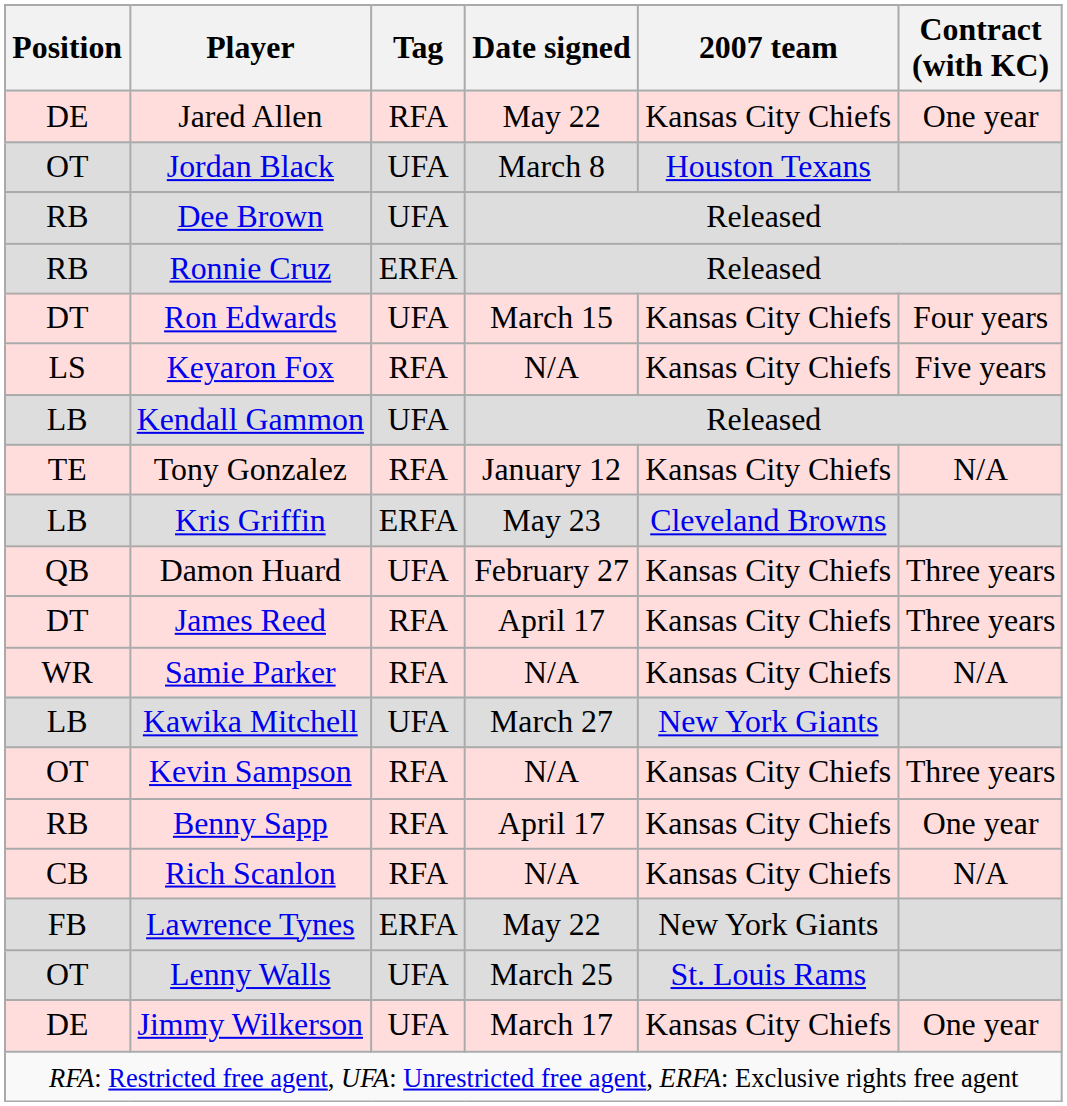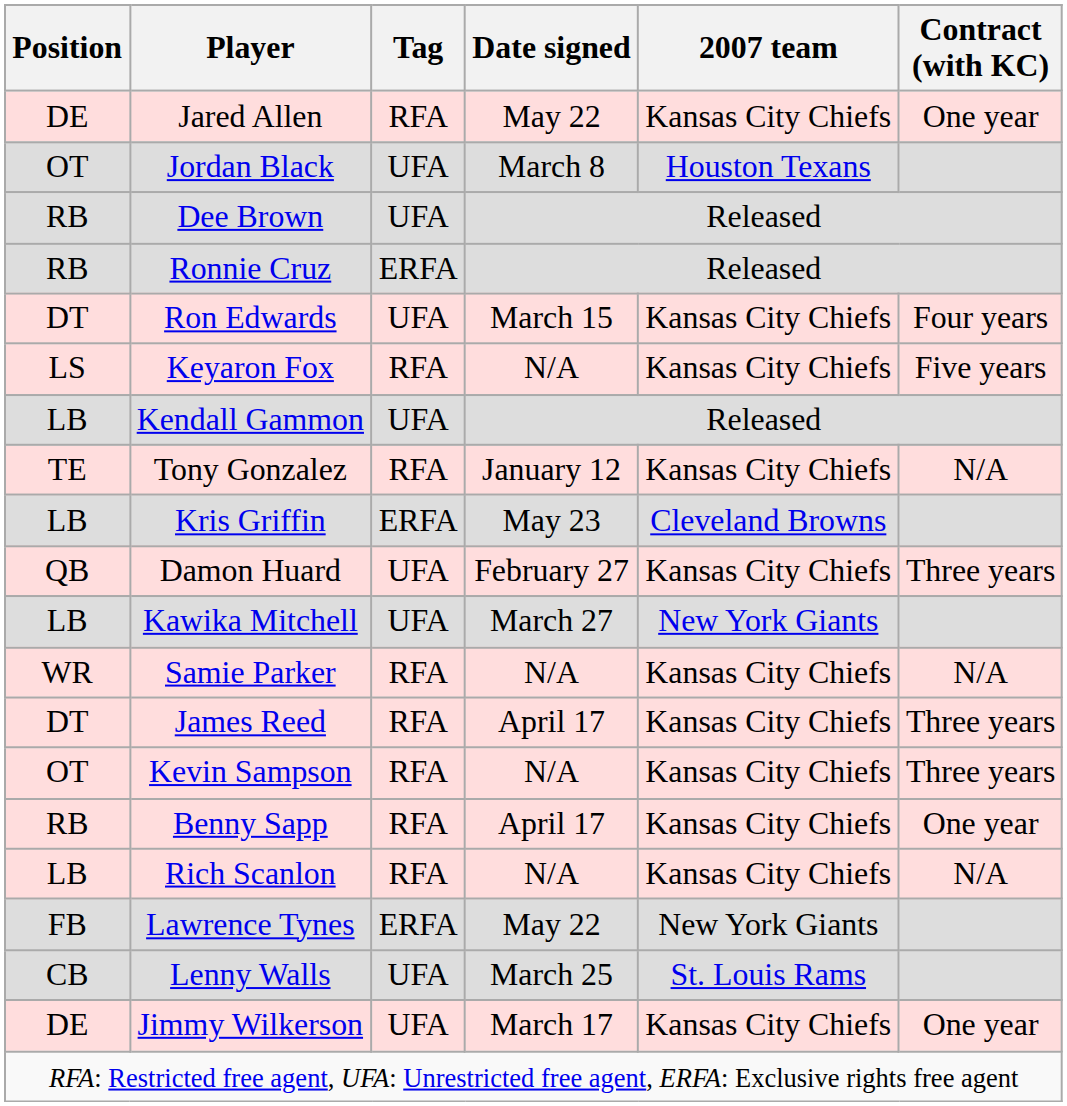 <table class="wikitable">
 <tr>
 <th>Position</th>
 <th>Player</th>
 <th>Tag</th>
 <th>Date signed</th>
 <th>2007 team</th>
 <th>Contract<br>(with KC)</th>
 </tr>
 <tr style="background: #ffdddd;" align="center">
 <td>DE</td>
 <td>Jared Allen</td>
 <td>RFA</td>
 <td>May 22</td>
 <td>Kansas City Chiefs</td>
 <td>One year</td>
 </tr>
 <tr style="background: #dddddd;" align="center">
 <td>OT</td>
 <td><a href='#'>Jordan Black</a></td>
 <td>UFA</td>
 <td>March 8</td>
 <td><a href='#'>Houston Texans</a></td>
 <td></td>
 </tr>
 <tr style="background: #dddddd;" align="center">
 <td>RB</td>
 <td><a href='#'>Dee Brown</a></td>
 <td>UFA</td>
 <td colspan="3">Released</td>
 </tr>
 <tr style="background: #dddddd;" align="center">
 <td>RB</td>
 <td><a href='#'>Ronnie Cruz</a></td>
 <td>ERFA</td>
 <td colspan="3">Released</td>
 </tr>
 <tr style="background: #ffdddd;" align="center">
 <td>DT</td>
 <td><a href='#'>Ron Edwards</a></td>
 <td>UFA</td>
 <td>March 15</td>
 <td>Kansas City Chiefs</td>
 <td>Four years</td>
 </tr>
 <tr style="background: #ffdddd;" align="center">
 <td>LS</td>
 <td><a href='#'>Keyaron Fox</a></td>
 <td>RFA</td>
 <td>N/A</td>
 <td>Kansas City Chiefs</td>
 <td>Five years</td>
 </tr>
 <tr style="background: #dddddd;" align="center">
 <td>LB</td>
 <td><a href='#'>Kendall Gammon</a></td>
 <td>UFA</td>
 <td colspan="3">Released</td>
 </tr>
 <tr style="background: #ffdddd;" align="center">
 <td>TE</td>
 <td>Tony Gonzalez</td>
 <td>RFA</td>
 <td>January 12</td>
 <td>Kansas City Chiefs</td>
 <td>N/A</td>
 </tr>
 <tr style="background: #dddddd;" align="center">
 <td>LB</td>
 <td><a href='#'>Kris Griffin</a></td>
 <td>ERFA</td>
 <td>May 23</td>
 <td><a href='#'>Cleveland Browns</a></td>
 <td></td>
 </tr>
 <tr style="background: #ffdddd;" align="center">
 <td>QB</td>
 <td>Damon Huard</td>
 <td>UFA</td>
 <td>February 27</td>
 <td>Kansas City Chiefs</td>
 <td>Three years</td>
 </tr>
-<tr style="background: #ffdddd;" align="center">
-<td>DT</td>
-<td><a href='#'>James Reed</a></td>
-<td>RFA</td>
-<td>April 17</td>
-<td>Kansas City Chiefs</td>
-<td>Three years</td>
+<tr style="background: #dddddd;" align="center">
+<td>LB</td>
+<td><a href='#'>Kawika Mitchell</a></td>
+<td>UFA</td>
+<td>March 27</td>
+<td><a href='#'>New York Giants</a></td>
+<td></td>
 </tr>
 <tr style="background: #ffdddd;" align="center">
 <td>WR</td>
 <td><a href='#'>Samie Parker</a></td>
 <td>RFA</td>
 <td>N/A</td>
 <td>Kansas City Chiefs</td>
 <td>N/A</td>
 </tr>
-<tr style="background: #dddddd;" align="center">
-<td>LB</td>
-<td><a href='#'>Kawika Mitchell</a></td>
-<td>UFA</td>
-<td>March 27</td>
-<td><a href='#'>New York Giants</a></td>
-<td></td>
+<tr style="background: #ffdddd;" align="center">
+<td>DT</td>
+<td><a href='#'>James Reed</a></td>
+<td>RFA</td>
+<td>April 17</td>
+<td>Kansas City Chiefs</td>
+<td>Three years</td>
 </tr>
 <tr style="background: #ffdddd;" align="center">
 <td>OT</td>
 <td><a href='#'>Kevin Sampson</a></td>
 <td>RFA</td>
 <td>N/A</td>
 <td>Kansas City Chiefs</td>
 <td>Three years</td>
 </tr>
 <tr style="background: #ffdddd;" align="center">
 <td>RB</td>
 <td><a href='#'>Benny Sapp</a></td>
 <td>RFA</td>
 <td>April 17</td>
 <td>Kansas City Chiefs</td>
 <td>One year</td>
 </tr>
 <tr style="background: #ffdddd;" align="center">
-<td>CB</td>
+<td>LB</td>
 <td><a href='#'>Rich Scanlon</a></td>
 <td>RFA</td>
 <td>N/A</td>
 <td>Kansas City Chiefs</td>
 <td>N/A</td>
 </tr>
 <tr style="background: #dddddd;" align="center">
 <td>FB</td>
 <td><a href='#'>Lawrence Tynes</a></td>
 <td>ERFA</td>
 <td>May 22</td>
 <td>New York Giants</td>
 <td></td>
 </tr>
 <tr style="background: #dddddd;" align="center">
-<td>OT</td>
+<td>CB</td>
 <td><a href='#'>Lenny Walls</a></td>
 <td>UFA</td>
 <td>March 25</td>
 <td><a href='#'>St. Louis Rams</a></td>
 <td></td>
 </tr>
 <tr style="background: #ffdddd;" align="center">
 <td>DE</td>
 <td><a href='#'>Jimmy Wilkerson</a></td>
 <td>UFA</td>
 <td>March 17</td>
 <td>Kansas City Chiefs</td>
 <td>One year</td>
 </tr>
 <tr>
 <td colspan="6" align="center"><small><em>RFA</em>: <a href='#'>Restricted free agent</a>, <em>UFA</em>: <a href='#'>Unrestricted free agent</a>, <em>ERFA</em>: Exclusive rights free agent</small></td>
 </tr>
 </table>
